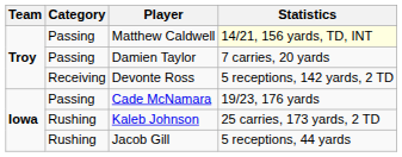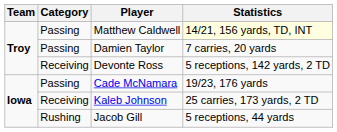 <table class="wikitable" style="float: right;">
 <tr>
 <th>Team</th>
 <th>Category</th>
 <th>Player</th>
 <th>Statistics</th>
 </tr>
 <tr>
 <td rowspan=3><strong>Troy</strong></td>
 <td>Passing</td>
 <td>Matthew Caldwell</td>
 <td style="background: lightyellow;">14/21, 156 yards, TD, INT</td>
 </tr>
 <tr>
 <td>Passing</td>
 <td>Damien Taylor</td>
 <td>7 carries, 20 yards</td>
 </tr>
 <tr>
 <td>Receiving</td>
 <td>Devonte Ross</td>
 <td>5 receptions, 142 yards, 2 TD</td>
 </tr>
 <tr>
 <td rowspan=3><strong>Iowa</strong></td>
 <td>Passing</td>
 <td><a href='#'>Cade McNamara</a></td>
 <td>19/23, 176 yards</td>
 </tr>
 <tr>
-<td>Rushing</td>
+<td>Receiving</td>
 <td><a href='#'>Kaleb Johnson</a></td>
 <td>25 carries, 173 yards, 2 TD</td>
 </tr>
 <tr>
 <td>Rushing</td>
 <td>Jacob Gill</td>
 <td>5 receptions, 44 yards</td>
 </tr>
 </table>
